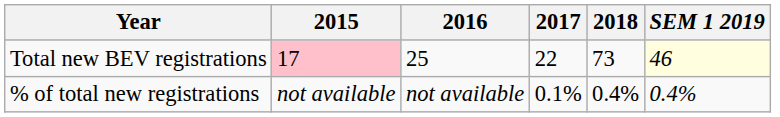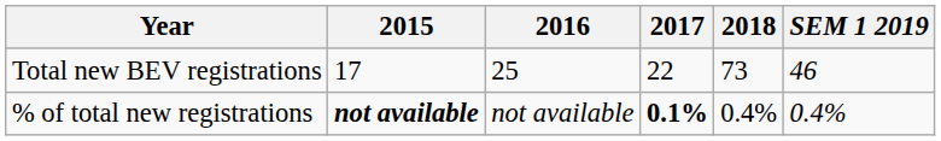 <table class="wikitable">
 <tr>
 <th>Year</th>
 <th>2015</th>
 <th>2016</th>
 <th>2017</th>
 <th>2018</th>
 <th><em>SEM 1 2019</em></th>
 </tr>
 <tr>
 <td>Total new BEV registrations</td>
-<td style="background: pink;">17</td>
+<td>17</td>
 <td>25</td>
 <td>22</td>
 <td>73</td>
-<td style="background: lightyellow;"><em>46</em></td>
+<td><em>46</em></td>
 </tr>
 <tr>
 <td>% of total new registrations</td>
+<td><strong><em>not available</em></strong></td>
 <td><em>not available</em></td>
-<td><em>not available</em></td>
-<td>0.1%</td>
+<td><strong>0.1%</strong></td>
 <td>0.4%</td>
 <td><em>0.4%</em></td>
 </tr>
 </table>
